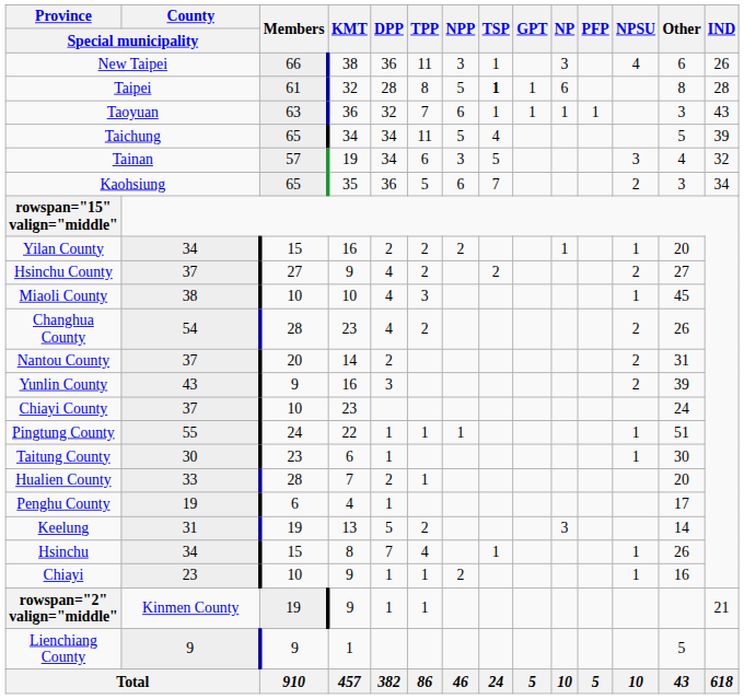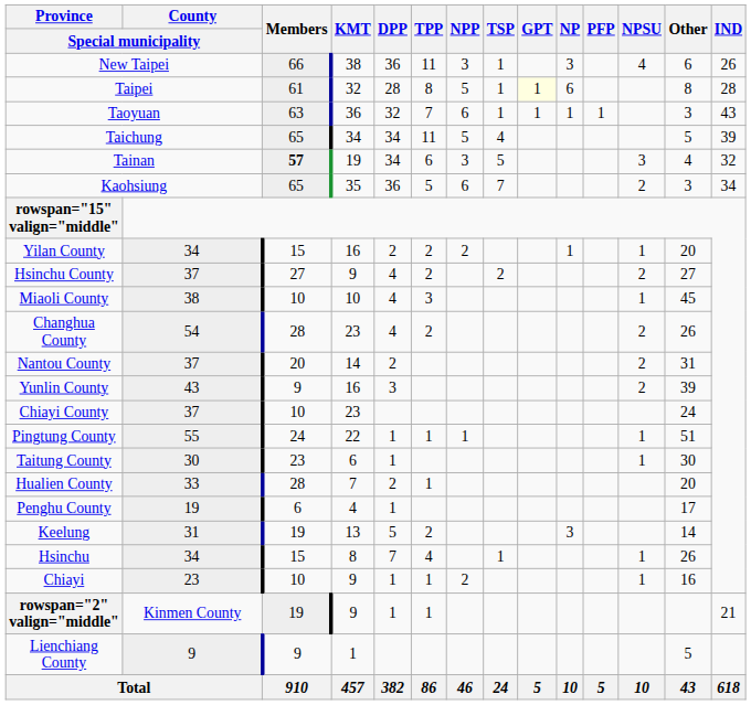 <table class="wikitable collapsible" style="text-align:center; margin:auto">
 <tr>
 <th style="width:60px;"><a href='#'>Province</a></th>
 <th style="width:140px;"><a href='#'>County</a></th>
 <th rowspan=2 style="width:50px;">Members</th>
 <th rowspan="2"><a href='#'>KMT</a></th>
 <th rowspan="2"><a href='#'>DPP</a></th>
 <th rowspan="2"><a href='#'>TPP</a></th>
 <th rowspan="2"><a href='#'>NPP</a></th>
 <th rowspan="2"><a href='#'>TSP</a></th>
 <th rowspan="2"><a href='#'>GPT</a></th>
 <th rowspan="2"><a href='#'>NP</a></th>
 <th rowspan="2"><a href='#'>PFP</a></th>
 <th rowspan="2"><a href='#'>NPSU</a></th>
 <th rowspan="2">Other</th>
 <th rowspan="2"><a href='#'>IND</a></th>
 </tr>
 <tr>
 <th colspan=2><a href='#'>Special municipality</a></th>
 </tr>
 <tr>
 <td colspan="2"><a href='#'>New Taipei</a></td>
 <td bgcolor=#EEEEEE style="border-right:4px solid #000099;">66</td>
 <td>38</td>
 <td>36</td>
 <td>11</td>
 <td>3</td>
 <td>1</td>
 <td></td>
 <td>3</td>
 <td></td>
 <td>4</td>
 <td>6</td>
 <td>26</td>
 </tr>
 <tr>
 <td colspan="2"><a href='#'>Taipei</a></td>
 <td bgcolor=#EEEEEE style="border-right:4px solid #000099;">61</td>
 <td>32</td>
 <td>28</td>
 <td>8</td>
 <td>5</td>
-<td><strong>1</strong></td>
 <td>1</td>
+<td style="background: lightyellow;">1</td>
 <td>6</td>
 <td></td>
 <td></td>
 <td>8</td>
 <td>28</td>
 </tr>
 <tr>
 <td colspan="2"><a href='#'>Taoyuan</a></td>
 <td bgcolor=#EEEEEE style="border-right:4px solid #000099;">63</td>
 <td>36</td>
 <td>32</td>
 <td>7</td>
 <td>6</td>
 <td>1</td>
 <td>1</td>
 <td>1</td>
 <td>1</td>
 <td></td>
 <td>3</td>
 <td>43</td>
 </tr>
 <tr>
 <td colspan="2"><a href='#'>Taichung</a></td>
 <td bgcolor=#EEEEEE style="border-right:4px solid #000000;">65</td>
 <td>34</td>
 <td>34</td>
 <td>11</td>
 <td>5</td>
 <td>4</td>
 <td></td>
 <td></td>
 <td></td>
 <td></td>
 <td>5</td>
 <td>39</td>
 </tr>
 <tr>
 <td colspan="2"><a href='#'>Tainan</a></td>
-<td bgcolor=#EEEEEE style="border-right:4px solid #1B9431;">57</td>
+<td bgcolor=#EEEEEE style="border-right:4px solid #1B9431;"><strong>57</strong></td>
 <td>19</td>
 <td>34</td>
 <td>6</td>
 <td>3</td>
 <td>5</td>
 <td></td>
 <td></td>
 <td></td>
 <td>3</td>
 <td>4</td>
 <td>32</td>
 </tr>
 <tr>
 <td colspan="2"><a href='#'>Kaohsiung</a></td>
 <td bgcolor=#EEEEEE style="border-right:4px solid #1B9431;">65</td>
 <td>35</td>
 <td>36</td>
 <td>5</td>
 <td>6</td>
 <td>7</td>
 <td></td>
 <td></td>
 <td></td>
 <td>2</td>
 <td>3</td>
 <td>34</td>
 </tr>
 <tr>
 <th>rowspan="15" valign="middle" </th>
 </tr>
 <tr>
 <td><a href='#'>Yilan County</a></td>
 <td bgcolor=#EEEEEE style="border-right:4px solid #000000;">34</td>
 <td>15</td>
 <td>16</td>
 <td>2</td>
 <td>2</td>
 <td>2</td>
 <td></td>
 <td></td>
 <td>1</td>
 <td></td>
 <td>1</td>
 <td>20</td>
 </tr>
 <tr>
 <td><a href='#'>Hsinchu County</a></td>
 <td bgcolor=#EEEEEE style="border-right:4px solid #000000;">37</td>
 <td>27</td>
 <td>9</td>
 <td>4</td>
 <td>2</td>
 <td></td>
 <td>2</td>
 <td></td>
 <td></td>
 <td></td>
 <td>2</td>
 <td>27</td>
 </tr>
 <tr>
 <td><a href='#'>Miaoli County</a></td>
 <td bgcolor=#EEEEEE style="border-right:4px solid #000000;">38</td>
 <td>10</td>
 <td>10</td>
 <td>4</td>
 <td>3</td>
 <td></td>
 <td></td>
 <td></td>
 <td></td>
 <td></td>
 <td>1</td>
 <td>45</td>
 </tr>
 <tr>
 <td><a href='#'>Changhua County</a></td>
 <td bgcolor=#EEEEEE style="border-right:4px solid #000099;">54</td>
 <td>28</td>
 <td>23</td>
 <td>4</td>
 <td>2</td>
 <td></td>
 <td></td>
 <td></td>
 <td></td>
 <td></td>
 <td>2</td>
 <td>26</td>
 </tr>
 <tr>
 <td><a href='#'>Nantou County</a></td>
 <td bgcolor=#EEEEEE style="border-right:4px solid #000000;">37</td>
 <td>20</td>
 <td>14</td>
 <td>2</td>
 <td></td>
 <td></td>
 <td></td>
 <td></td>
 <td></td>
 <td></td>
 <td>2</td>
 <td>31</td>
 </tr>
 <tr>
 <td><a href='#'>Yunlin County</a></td>
 <td bgcolor=#EEEEEE style="border-right:4px solid #000000;">43</td>
 <td>9</td>
 <td>16</td>
 <td>3</td>
 <td></td>
 <td></td>
 <td></td>
 <td></td>
 <td></td>
 <td></td>
 <td>2</td>
 <td>39</td>
 </tr>
 <tr>
 <td><a href='#'>Chiayi County</a></td>
 <td bgcolor=#EEEEEE style="border-right:4px solid #000000;">37</td>
 <td>10</td>
 <td>23</td>
 <td></td>
 <td></td>
 <td></td>
 <td></td>
 <td></td>
 <td></td>
 <td></td>
 <td></td>
 <td>24</td>
 </tr>
 <tr>
 <td><a href='#'>Pingtung County</a></td>
 <td bgcolor=#EEEEEE style="border-right:4px solid #000000;">55</td>
 <td>24</td>
 <td>22</td>
 <td>1</td>
 <td>1</td>
 <td>1</td>
 <td></td>
 <td></td>
 <td></td>
 <td></td>
 <td>1</td>
 <td>51</td>
 </tr>
 <tr>
 <td><a href='#'>Taitung County</a></td>
 <td bgcolor=#EEEEEE style="border-right:4px solid #000000;">30</td>
 <td>23</td>
 <td>6</td>
 <td>1</td>
 <td></td>
 <td></td>
 <td></td>
 <td></td>
 <td></td>
 <td></td>
 <td>1</td>
 <td>30</td>
 </tr>
 <tr>
 <td><a href='#'>Hualien County</a></td>
 <td bgcolor=#EEEEEE style="border-right:4px solid #000099;">33</td>
 <td>28</td>
 <td>7</td>
 <td>2</td>
 <td>1</td>
 <td></td>
 <td></td>
 <td></td>
 <td></td>
 <td></td>
 <td></td>
 <td>20</td>
 </tr>
 <tr>
 <td><a href='#'>Penghu County</a></td>
 <td bgcolor=#EEEEEE style="border-right:4px solid #000000;">19</td>
 <td>6</td>
 <td>4</td>
 <td>1</td>
 <td></td>
 <td></td>
 <td></td>
 <td></td>
 <td></td>
 <td></td>
 <td></td>
 <td>17</td>
 </tr>
 <tr>
 <td><a href='#'>Keelung</a></td>
 <td bgcolor=#EEEEEE style="border-right:4px solid #000099;">31</td>
 <td>19</td>
 <td>13</td>
 <td>5</td>
 <td>2</td>
 <td></td>
 <td></td>
 <td></td>
 <td>3</td>
 <td></td>
 <td></td>
 <td>14</td>
 </tr>
 <tr>
 <td><a href='#'>Hsinchu</a></td>
 <td bgcolor=#EEEEEE style="border-right:4px solid #000000;">34</td>
 <td>15</td>
 <td>8</td>
 <td>7</td>
 <td>4</td>
 <td></td>
 <td>1</td>
 <td></td>
 <td></td>
 <td></td>
 <td>1</td>
 <td>26</td>
 </tr>
 <tr>
 <td><a href='#'>Chiayi</a></td>
 <td bgcolor=#EEEEEE style="border-right:4px solid #000000;">23</td>
 <td>10</td>
 <td>9</td>
 <td>1</td>
 <td>1</td>
 <td>2</td>
 <td></td>
 <td></td>
 <td></td>
 <td></td>
 <td>1</td>
 <td>16</td>
 </tr>
 <tr>
 <th>rowspan="2" valign="middle" </th>
 <td><a href='#'>Kinmen County</a></td>
 <td bgcolor=#EEEEEE style="border-right:4px solid #000000;">19</td>
 <td>9</td>
 <td>1</td>
 <td>1</td>
 <td></td>
 <td></td>
 <td></td>
 <td></td>
 <td></td>
 <td></td>
 <td></td>
 <td>21</td>
 </tr>
 <tr>
 <td><a href='#'>Lienchiang County</a></td>
 <td bgcolor=#EEEEEE style="border-right:4px solid #000099;">9</td>
 <td>9</td>
 <td>1</td>
 <td></td>
 <td></td>
 <td></td>
 <td></td>
 <td></td>
 <td></td>
 <td></td>
 <td></td>
 <td>5</td>
 </tr>
 <tr>
 <th colspan=2>Total</th>
 <th><em>910</em></th>
 <th><em>457</em></th>
 <th><em>382</em></th>
 <th><em>86</em></th>
 <th><em>46</em></th>
 <th><em>24</em></th>
 <th><em>5</em></th>
 <th><em>10</em></th>
 <th><em>5</em></th>
 <th><em>10</em></th>
 <th><em>43</em></th>
 <th><em>618</em></th>
 </tr>
 </table>
